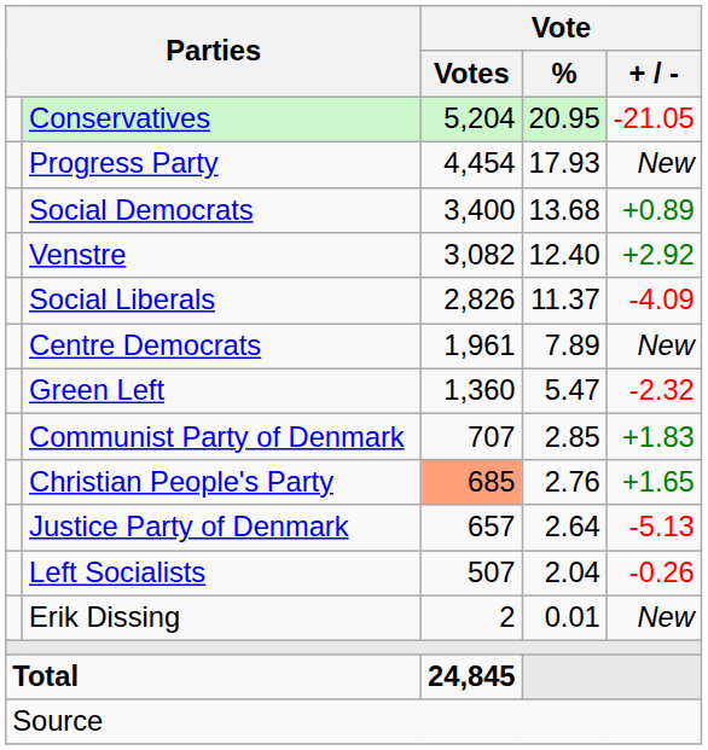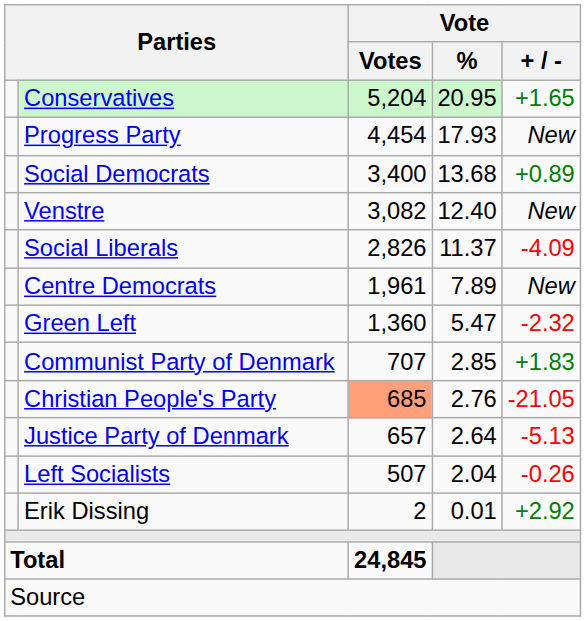 <table class="wikitable" style="text-align:right;">
 <tr>
 <th style="text-align:centre;" rowspan="2" colspan="2" width="225">Parties</th>
 <th colspan="3">Vote</th>
 </tr>
 <tr>
 <th width="15">Votes</th>
 <th width="15">%</th>
 <th width="15">+ / -</th>
 </tr>
 <tr>
 <td width="2" style="color:inherit;background:"></td>
 <td bgcolor=#ccf7cc  align="left"><a href='#'>Conservatives</a></td>
 <td bgcolor=#ccf7cc>5,204</td>
 <td bgcolor=#ccf7cc>20.95</td>
-<td style=color:red;>-21.05</td>
+<td style=color:green;>+1.65</td>
 </tr>
 <tr>
 <td width="2" style="color:inherit;background:"></td>
 <td align="left"><a href='#'>Progress Party</a></td>
 <td>4,454</td>
 <td>17.93</td>
 <td><em>New</em></td>
 </tr>
 <tr>
 <td width="2" style="color:inherit;background:"></td>
 <td align="left"><a href='#'>Social Democrats</a></td>
 <td>3,400</td>
 <td>13.68</td>
 <td style=color:green;>+0.89</td>
 </tr>
 <tr>
 <td width="2" style="color:inherit;background:"></td>
 <td align="left"><a href='#'>Venstre</a></td>
 <td>3,082</td>
 <td>12.40</td>
-<td style=color:green;>+2.92</td>
+<td><em>New</em></td>
 </tr>
 <tr>
 <td width="2" style="color:inherit;background:"></td>
 <td align="left"><a href='#'>Social Liberals</a></td>
 <td>2,826</td>
 <td>11.37</td>
 <td style=color:red;>-4.09</td>
 </tr>
 <tr>
 <td width="2" style="color:inherit;background:"></td>
 <td align="left"><a href='#'>Centre Democrats</a></td>
 <td>1,961</td>
 <td>7.89</td>
 <td><em>New</em></td>
 </tr>
 <tr>
 <td width="2" style="color:inherit;background:"></td>
 <td align="left"><a href='#'>Green Left</a></td>
 <td>1,360</td>
 <td>5.47</td>
 <td style=color:red;>-2.32</td>
 </tr>
 <tr>
 <td width="2" style="color:inherit;background:"></td>
 <td align="left"><a href='#'>Communist Party of Denmark</a></td>
 <td>707</td>
 <td>2.85</td>
 <td style=color:green;>+1.83</td>
 </tr>
 <tr>
 <td width="2" style="color:inherit;background:"></td>
 <td align="left"><a href='#'>Christian People's Party</a></td>
 <td style="background: lightsalmon;">685</td>
 <td>2.76</td>
-<td style=color:green;>+1.65</td>
+<td style=color:red;>-21.05</td>
 </tr>
 <tr>
 <td width="2" style="color:inherit;background:"></td>
 <td align="left"><a href='#'>Justice Party of Denmark</a></td>
 <td>657</td>
 <td>2.64</td>
 <td style=color:red;>-5.13</td>
 </tr>
 <tr>
 <td width="2" style="color:inherit;background:"></td>
 <td align="left"><a href='#'>Left Socialists</a></td>
 <td>507</td>
 <td>2.04</td>
 <td style=color:red;>-0.26</td>
 </tr>
 <tr>
 <td width="2" style="color:inherit;background:"></td>
 <td align="left">Erik Dissing</td>
 <td>2</td>
 <td>0.01</td>
-<td><em>New</em></td>
+<td style=color:green;>+2.92</td>
 </tr>
 <tr>
 <td colspan="7" bgcolor="#E9E9E9"></td>
 </tr>
 <tr>
 <td align="left" colspan="2"><strong>Total</strong></td>
 <td><strong>24,845</strong></td>
 <td bgcolor="#E9E9E9" colspan="2"></td>
 </tr>
 <tr>
 <td align="left" colspan="6">Source</td>
 </tr>
 </table>
